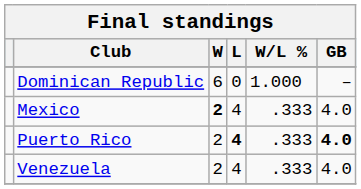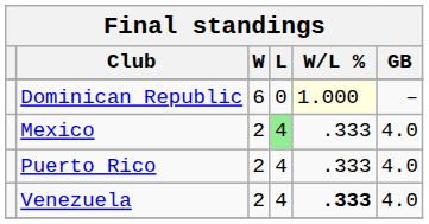 <table class="wikitable" style="font-size: 90%;">
 <tr align="center" style="font-size: larger;">
 <th colspan=6>Final standings</th>
 </tr>
 <tr style="background:lightblue;">
 <th></th>
 <th>Club</th>
 <th>W</th>
 <th>L</th>
 <th>W/L %</th>
 <th>GB</th>
 </tr>
 <tr align="center" style="vertical-align: middle;" style="background:lightblue;">
 </tr>
 <tr>
 <td></td>
 <td><a href='#'>Dominican Republic</a></td>
 <td>6</td>
 <td>0</td>
-<td>1.000</td>
+<td style="background: lightyellow;">1.000</td>
 <td>  –</td>
 </tr>
 <tr>
 <td></td>
 <td><a href='#'>Mexico</a></td>
-<td><strong>2</strong></td>
-<td>4</td>
+<td>2</td>
+<td style="background: lightgreen;">4</td>
 <td>  .333</td>
 <td>4.0</td>
 </tr>
 <tr>
 <td></td>
 <td><a href='#'>Puerto Rico</a></td>
 <td>2</td>
-<td><strong>4</strong></td>
+<td>4</td>
 <td>  .333</td>
-<td><strong>4.0</strong></td>
+<td>4.0</td>
 </tr>
 <tr>
 <td></td>
 <td><a href='#'>Venezuela</a></td>
 <td>2</td>
 <td>4</td>
-<td>  .333</td>
+<td><strong>  .333</strong></td>
 <td>4.0</td>
 </tr>
 <tr>
 </tr>
 <tr>
 </tr>
 </table>
